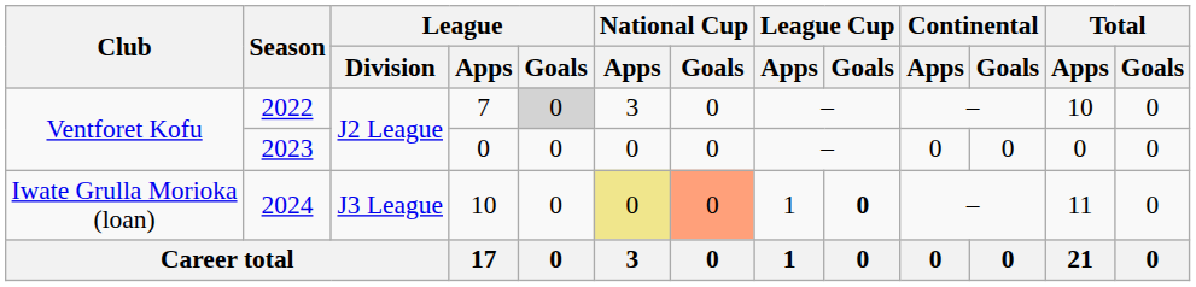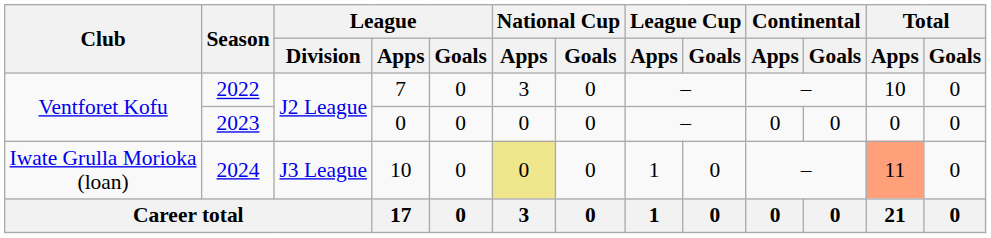 <table class="wikitable" style="text-align: center">
 <tr>
 <th rowspan="2">Club</th>
 <th rowspan="2">Season</th>
 <th colspan="3">League</th>
 <th colspan="2">National Cup</th>
 <th colspan="2">League Cup</th>
 <th colspan="2">Continental</th>
 <th colspan="2">Total</th>
 </tr>
 <tr>
 <th>Division</th>
 <th>Apps</th>
 <th>Goals</th>
 <th>Apps</th>
 <th>Goals</th>
 <th>Apps</th>
 <th>Goals</th>
 <th>Apps</th>
 <th>Goals</th>
 <th>Apps</th>
 <th>Goals</th>
 </tr>
 <tr>
 <td rowspan="2"><a href='#'>Ventforet Kofu</a></td>
 <td><a href='#'>2022</a></td>
 <td rowspan="2"><a href='#'>J2 League</a></td>
 <td>7</td>
-<td style="background: lightgrey;">0</td>
+<td>0</td>
 <td>3</td>
 <td>0</td>
 <td colspan="2">–</td>
 <td colspan="2">–</td>
 <td>10</td>
 <td>0</td>
 </tr>
 <tr>
 <td><a href='#'>2023</a></td>
 <td>0</td>
 <td>0</td>
 <td>0</td>
 <td>0</td>
 <td colspan="2">–</td>
 <td>0</td>
 <td>0</td>
 <td>0</td>
 <td>0</td>
 </tr>
 <tr>
 <td><a href='#'>Iwate Grulla Morioka</a><br>(loan)</td>
 <td><a href='#'>2024</a></td>
 <td><a href='#'>J3 League</a></td>
 <td>10</td>
 <td>0</td>
 <td style="background: khaki;">0</td>
-<td style="background: lightsalmon;">0</td>
+<td>0</td>
 <td>1</td>
-<td><strong>0</strong></td>
+<td>0</td>
 <td colspan="2">–</td>
-<td>11</td>
+<td style="background: lightsalmon;">11</td>
 <td>0</td>
 </tr>
 <tr>
 <th colspan="3">Career total</th>
 <th>17</th>
 <th>0</th>
 <th>3</th>
 <th>0</th>
 <th>1</th>
 <th>0</th>
 <th>0</th>
 <th>0</th>
 <th>21</th>
 <th>0</th>
 </tr>
 </table>
